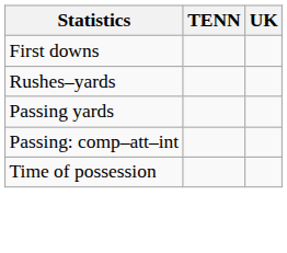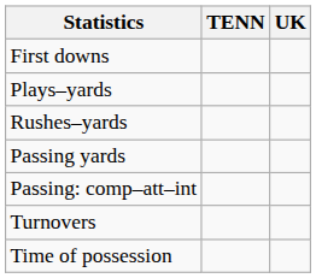 <table class="wikitable" style="float:left">
 <tr>
 <th>Statistics</th>
 <th>TENN</th>
 <th>UK</th>
 </tr>
 <tr>
 <td>First downs</td>
+<td></td>
+<td></td>
+</tr>
+<tr>
+<td>Plays–yards</td>
 <td></td>
 <td></td>
 </tr>
 <tr>
 <td>Rushes–yards</td>
 <td></td>
 <td></td>
 </tr>
 <tr>
 <td>Passing yards</td>
 <td></td>
 <td></td>
 </tr>
 <tr>
 <td>Passing: comp–att–int</td>
 <td></td>
 <td></td>
 </tr>
 <tr>
+<td>Turnovers</td>
+<td></td>
+<td></td>
+</tr>
+<tr>
 <td>Time of possession</td>
 <td></td>
 <td></td>
 </tr>
 </table>
